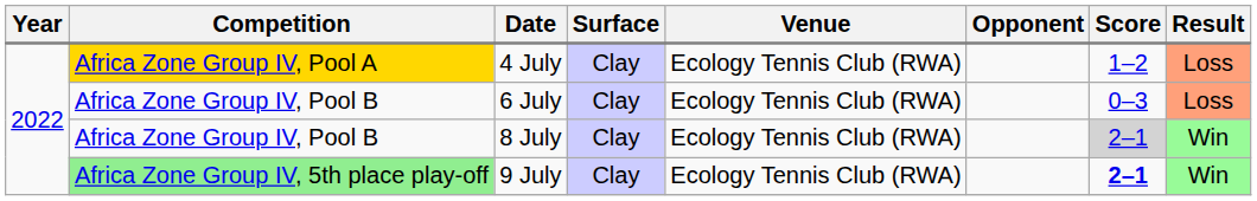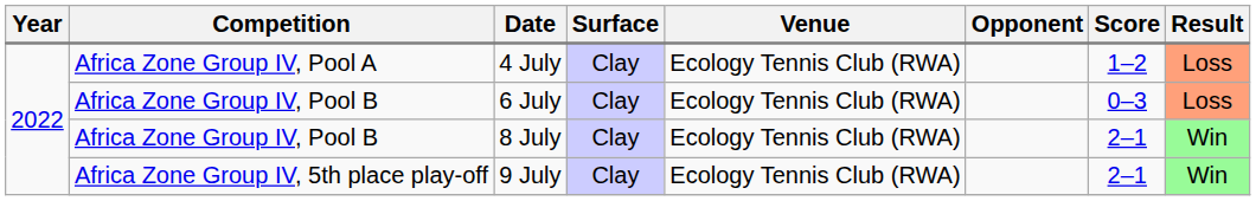 <table class="wikitable sortable">
 <tr>
 <th scope="col">Year</th>
 <th scope="col">Competition</th>
 <th scope="col">Date</th>
 <th scope="col">Surface</th>
 <th scope="col">Venue</th>
 <th scope="col">Opponent</th>
 <th scope="col">Score</th>
 <th scope="col">Result</th>
 </tr>
 <tr style="border-top:2px solid gray;">
 <td align="center" rowspan="5"><a href='#'>2022</a></td>
-<td style="background: gold;"><a href='#'>Africa Zone Group IV</a>, Pool A</td>
+<td><a href='#'>Africa Zone Group IV</a>, Pool A</td>
 <td>4 July</td>
 <td align="center" bgcolor=ccccff>Clay</td>
 <td>Ecology Tennis Club (RWA)</td>
 <td></td>
 <td align="center"><a href='#'>1–2</a></td>
 <td align="center" bgcolor="#FFA07A">Loss</td>
 </tr>
 <tr>
 <td><a href='#'>Africa Zone Group IV</a>, Pool B</td>
 <td>6 July</td>
 <td align="center" bgcolor=ccccff>Clay</td>
 <td>Ecology Tennis Club (RWA)</td>
 <td></td>
 <td align="center"><a href='#'>0–3</a></td>
 <td align="center" bgcolor="#FFA07A">Loss</td>
 </tr>
 <tr>
 <td><a href='#'>Africa Zone Group IV</a>, Pool B</td>
 <td>8 July</td>
 <td align="center" bgcolor=ccccff>Clay</td>
 <td>Ecology Tennis Club (RWA)</td>
 <td></td>
-<td align="center" style="background: lightgrey;"><a href='#'>2–1</a></td>
+<td align="center"><a href='#'>2–1</a></td>
 <td align="center" bgcolor="#98FB98">Win</td>
 </tr>
 <tr>
-<td style="background: lightgreen;"><a href='#'>Africa Zone Group IV</a>, 5th place play-off</td>
+<td><a href='#'>Africa Zone Group IV</a>, 5th place play-off</td>
 <td>9 July</td>
 <td align="center" bgcolor=ccccff>Clay</td>
 <td>Ecology Tennis Club (RWA)</td>
 <td></td>
-<td align="center"><strong><a href='#'>2–1</a></strong></td>
+<td align="center"><a href='#'>2–1</a></td>
 <td align="center" bgcolor="#98FB98">Win</td>
 </tr>
 <tr>
 </tr>
 </table>
